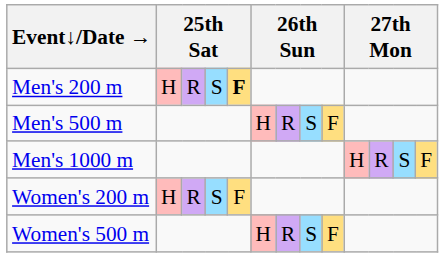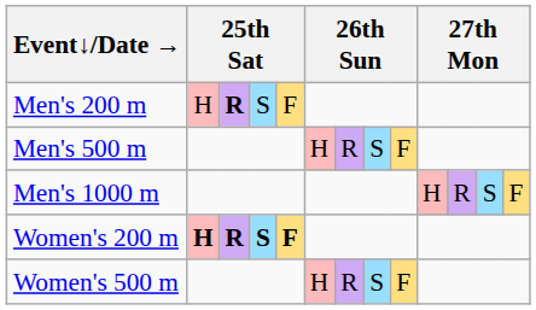 <table class="wikitable" style="margin:0.5em auto; font-size:90%; line-height:1.25em; text-align:center;">
 <tr>
 <th>Event↓/Date →</th>
 <th colspan=4>25th<br>Sat</th>
 <th colspan=4>26th<br>Sun</th>
 <th colspan=4>27th<br>Mon</th>
 </tr>
 <tr>
 <td style="text-align:left;"><a href='#'>Men's 200 m</a></td>
 <td style="background-color:#FFBBBB;">H</td>
-<td style="background-color:#D0A9F5;">R</td>
+<td style="background-color:#D0A9F5;"><strong>R</strong></td>
 <td style="background-color:#97DEFF;">S</td>
-<td style="background-color:#FFDF80;"><strong>F</strong></td>
+<td style="background-color:#FFDF80;">F</td>
 <td colspan=4></td>
 <td colspan=4></td>
 </tr>
 <tr>
 <td style="text-align:left;"><a href='#'>Men's 500 m</a></td>
 <td colspan=4></td>
 <td style="background-color:#FFBBBB;">H</td>
 <td style="background-color:#D0A9F5;">R</td>
 <td style="background-color:#97DEFF;">S</td>
 <td style="background-color:#FFDF80;">F</td>
 <td colspan=4></td>
 </tr>
 <tr>
 <td style="text-align:left;"><a href='#'>Men's 1000 m</a></td>
 <td colspan=4></td>
 <td colspan=4></td>
 <td style="background-color:#FFBBBB;">H</td>
 <td style="background-color:#D0A9F5;">R</td>
 <td style="background-color:#97DEFF;">S</td>
 <td style="background-color:#FFDF80;">F</td>
 </tr>
 <tr>
 <td style="text-align:left;"><a href='#'>Women's 200 m</a></td>
-<td style="background-color:#FFBBBB;">H</td>
-<td style="background-color:#D0A9F5;">R</td>
-<td style="background-color:#97DEFF;">S</td>
-<td style="background-color:#FFDF80;">F</td>
+<td style="background-color:#FFBBBB;"><strong>H</strong></td>
+<td style="background-color:#D0A9F5;"><strong>R</strong></td>
+<td style="background-color:#97DEFF;"><strong>S</strong></td>
+<td style="background-color:#FFDF80;"><strong>F</strong></td>
 <td colspan=4></td>
 <td colspan=4></td>
 </tr>
 <tr>
 <td style="text-align:left;"><a href='#'>Women's 500 m</a></td>
 <td colspan=4></td>
 <td style="background-color:#FFBBBB;">H</td>
 <td style="background-color:#D0A9F5;">R</td>
 <td style="background-color:#97DEFF;">S</td>
 <td style="background-color:#FFDF80;">F</td>
 <td colspan=4></td>
 </tr>
 </table>
